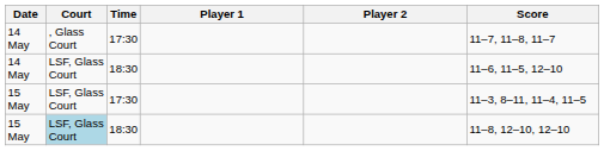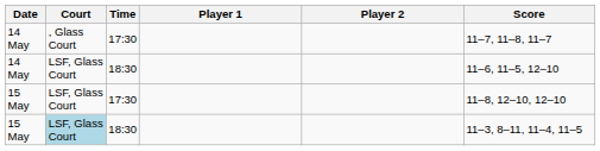 <table class="sortable wikitable" style="font-size:90%">
 <tr>
 <th width="45" class="unsortable">Date</th>
 <th width="70">Court</th>
 <th width="30">Time</th>
 <th width="200">Player 1</th>
 <th width="200">Player 2</th>
 <th width="160" class="unsortable">Score</th>
 </tr>
 <tr>
 <td>14 May</td>
 <td>, Glass Court</td>
 <td>17:30</td>
 <td><strong></strong></td>
 <td></td>
 <td>11–7, 11–8, 11–7</td>
 </tr>
 <tr>
 <td>14 May</td>
 <td>LSF, Glass Court</td>
 <td>18:30</td>
 <td><strong></strong></td>
 <td></td>
 <td>11–6, 11–5, 12–10</td>
 </tr>
 <tr>
 <td>15 May</td>
 <td>LSF, Glass Court</td>
 <td>17:30</td>
 <td><strong></strong></td>
 <td></td>
-<td>11–3, 8–11, 11–4, 11–5</td>
+<td>11–8, 12–10, 12–10</td>
 </tr>
 <tr>
 <td>15 May</td>
 <td style="background: lightblue;">LSF, Glass Court</td>
 <td>18:30</td>
 <td><strong></strong></td>
 <td></td>
-<td>11–8, 12–10, 12–10</td>
+<td>11–3, 8–11, 11–4, 11–5</td>
 </tr>
 </table>
